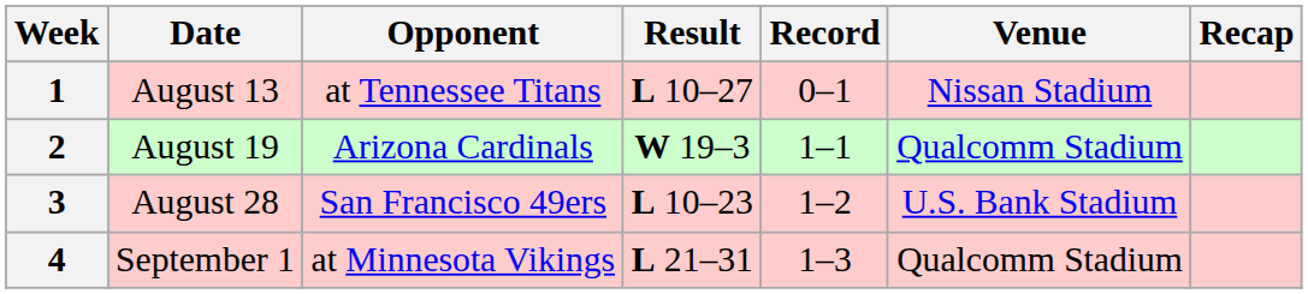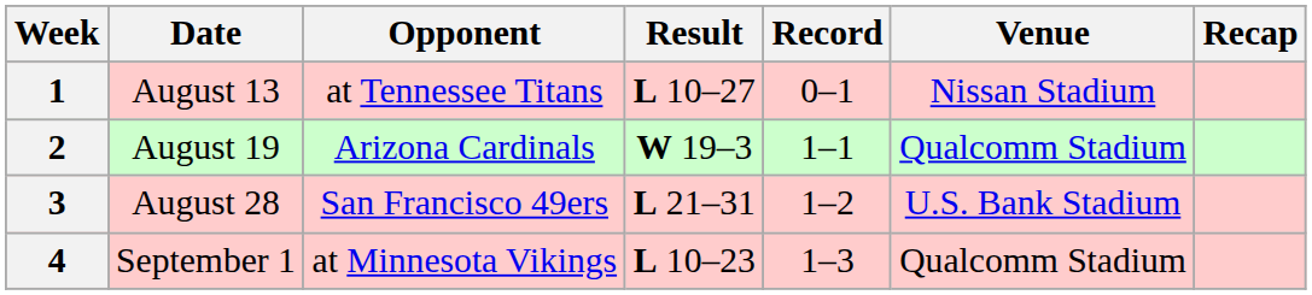 <table class="wikitable" style="text-align:center">
 <tr>
 <th>Week</th>
 <th>Date</th>
 <th>Opponent</th>
 <th>Result</th>
 <th>Record</th>
 <th>Venue</th>
 <th>Recap</th>
 </tr>
 <tr style="background:#fcc">
 <th>1</th>
 <td>August 13</td>
 <td>at <a href='#'>Tennessee Titans</a></td>
 <td><strong>L</strong> 10–27</td>
 <td>0–1</td>
 <td><a href='#'>Nissan Stadium</a></td>
 <td></td>
 </tr>
 <tr style="background:#cfc">
 <th>2</th>
 <td>August 19</td>
 <td><a href='#'>Arizona Cardinals</a></td>
 <td><strong>W</strong> 19–3</td>
 <td>1–1</td>
 <td><a href='#'>Qualcomm Stadium</a></td>
 <td></td>
 </tr>
 <tr style="background:#fcc">
 <th>3</th>
 <td>August 28</td>
 <td><a href='#'>San Francisco 49ers</a></td>
-<td><strong>L</strong> 10–23</td>
+<td><strong>L</strong> 21–31</td>
 <td>1–2</td>
 <td><a href='#'>U.S. Bank Stadium</a></td>
 <td></td>
 </tr>
 <tr style="background:#fcc">
 <th>4</th>
 <td>September 1</td>
 <td>at <a href='#'>Minnesota Vikings</a></td>
-<td><strong>L</strong> 21–31</td>
+<td><strong>L</strong> 10–23</td>
 <td>1–3</td>
 <td>Qualcomm Stadium</td>
 <td></td>
 </tr>
 </table>
